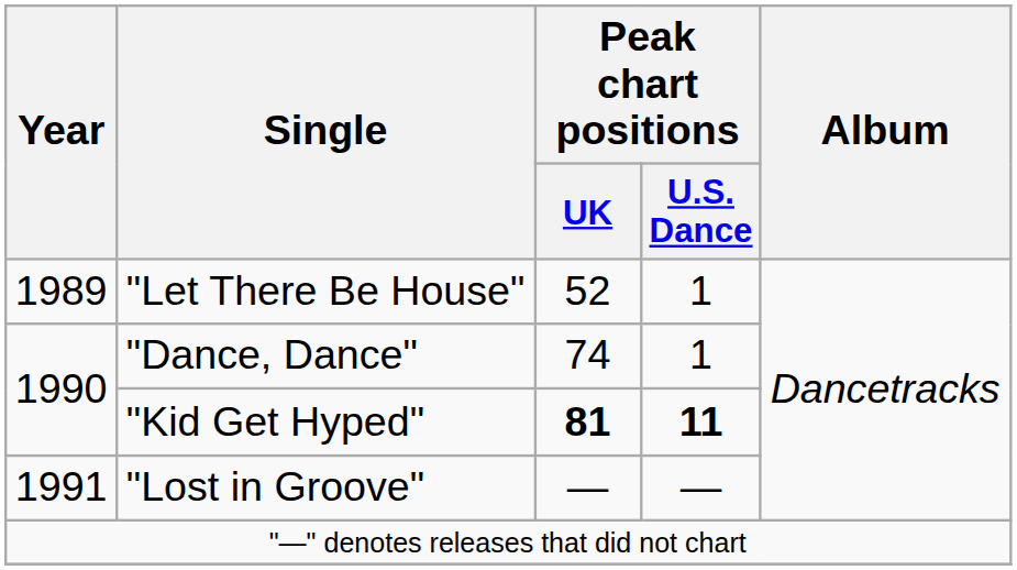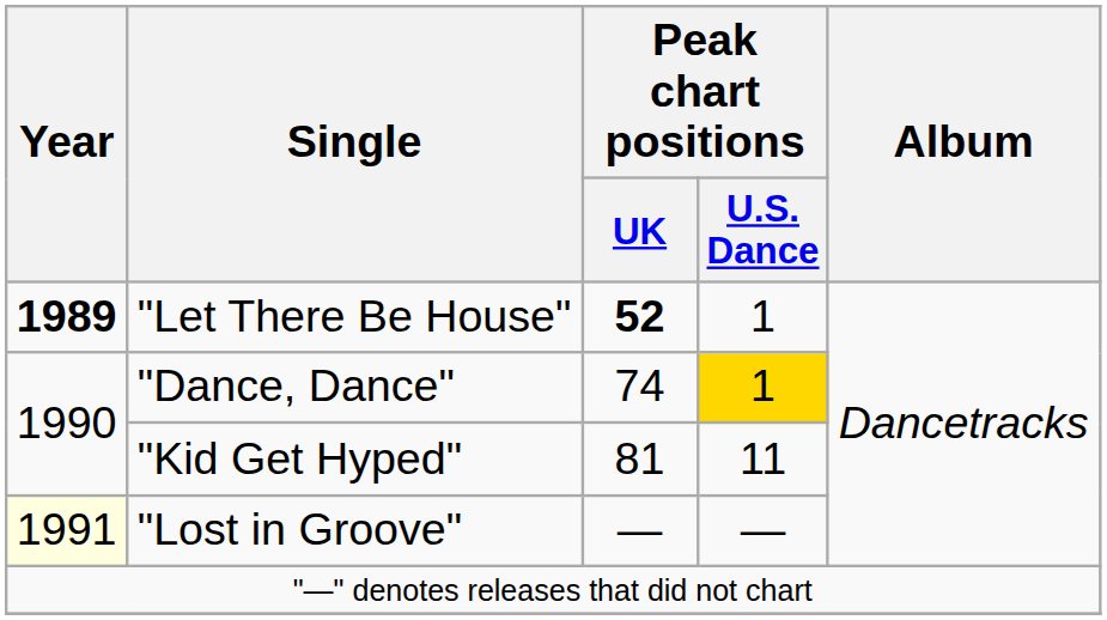 <table class="wikitable" style="text-align:center;">
 <tr>
 <th rowspan="2">Year</th>
 <th rowspan="2">Single</th>
 <th colspan="2">Peak chart positions</th>
 <th rowspan="2">Album</th>
 </tr>
 <tr style="font-size:smaller;">
 <th width="35"><a href='#'>UK</a><br></th>
 <th width="35"><a href='#'>U.S.<br>Dance</a><br></th>
 </tr>
 <tr>
-<td>1989</td>
+<td><strong>1989</strong></td>
 <td align="left">"Let There Be House"</td>
-<td>52</td>
+<td><strong>52</strong></td>
 <td>1</td>
 <td align="left" rowspan="4"><em>Dancetracks</em></td>
 </tr>
 <tr>
 <td rowspan="2">1990</td>
 <td align="left">"Dance, Dance"</td>
 <td>74</td>
-<td>1</td>
+<td style="background: gold;">1</td>
 </tr>
 <tr>
 <td align="left">"Kid Get Hyped"</td>
-<td><strong>81</strong></td>
-<td><strong>11</strong></td>
+<td>81</td>
+<td>11</td>
 </tr>
 <tr>
-<td>1991</td>
+<td style="background: lightyellow;">1991</td>
 <td align="left">"Lost in Groove"</td>
 <td>—</td>
 <td>—</td>
 </tr>
 <tr>
 <td colspan="15" style="font-size:8pt">"—" denotes releases that did not chart</td>
 </tr>
 <tr>
 </tr>
 </table>
